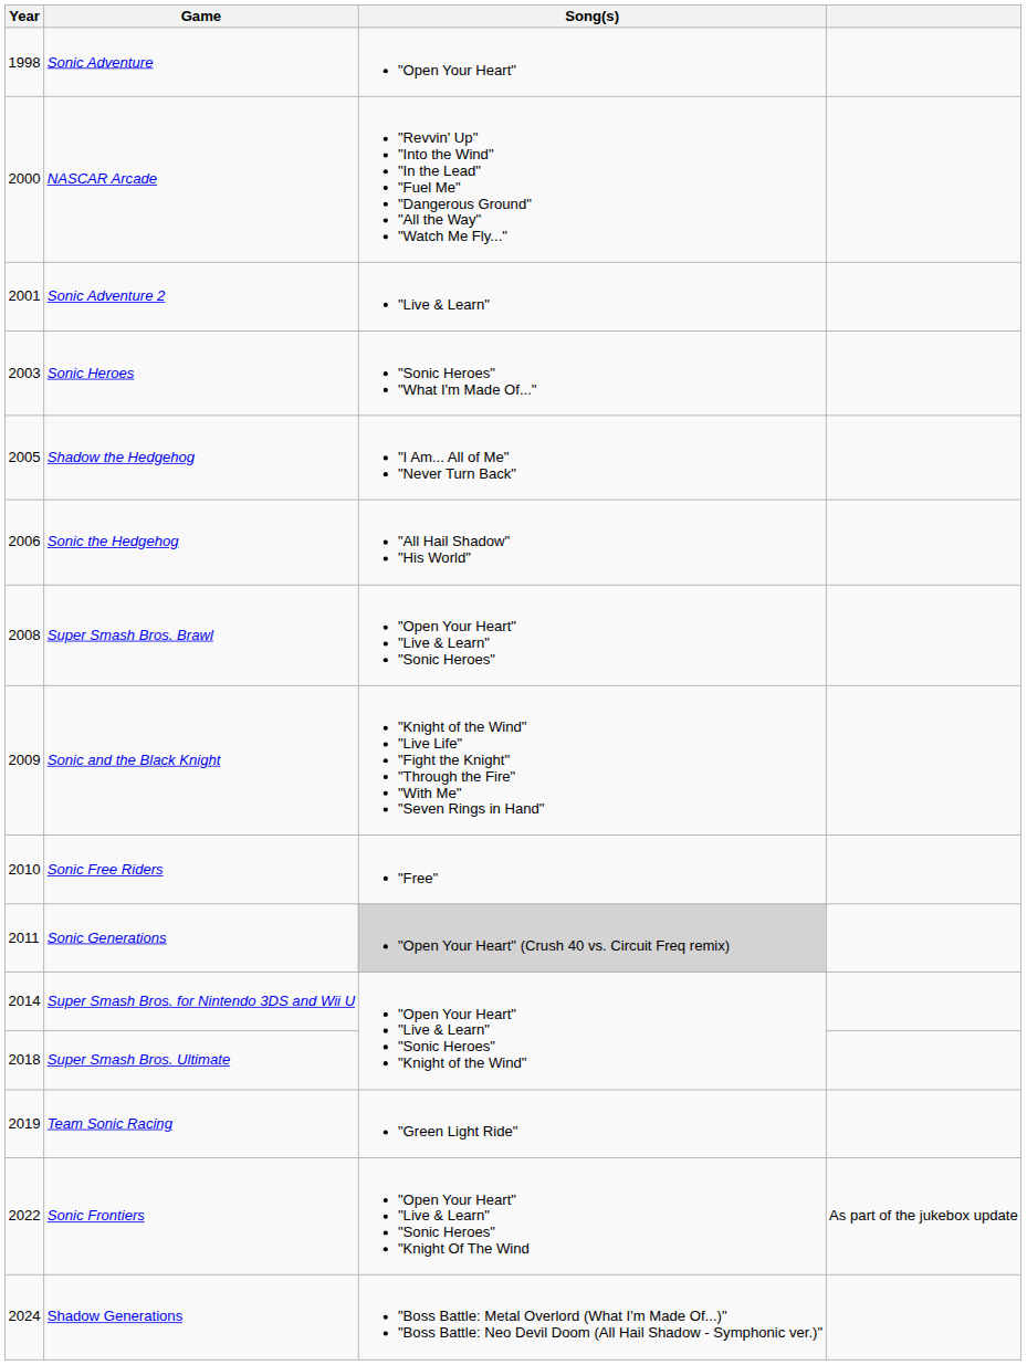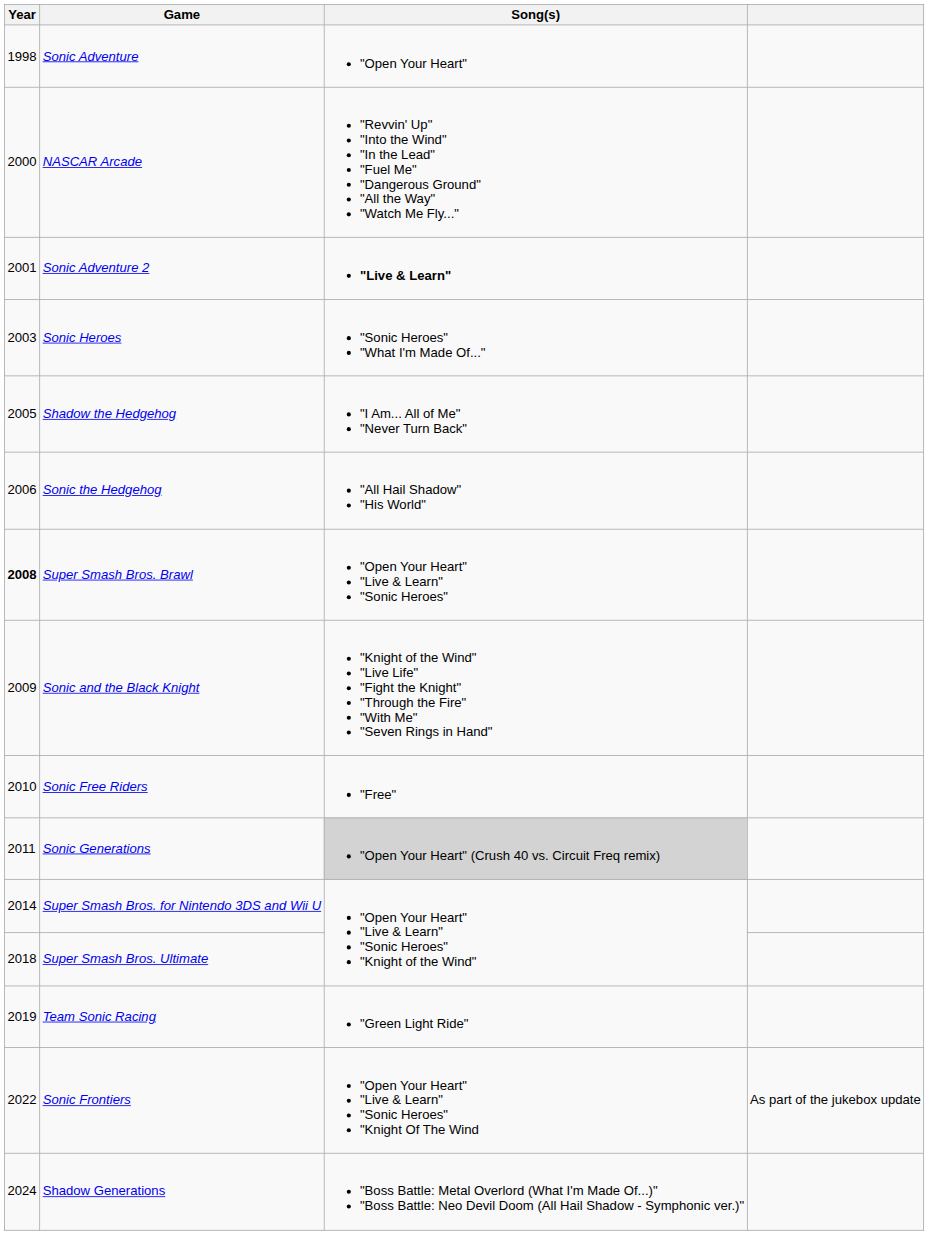 <table class="wikitable">
 <tr>
 <th>Year</th>
 <th>Game</th>
 <th>Song(s)</th>
 <th></th>
 </tr>
 <tr>
 <td>1998</td>
 <td><em><a href='#'>Sonic Adventure</a></em></td>
 <td><br><ul><li>"Open Your Heart"</li></ul></td>
 <td></td>
 </tr>
 <tr>
 <td>2000</td>
 <td><em><a href='#'>NASCAR Arcade</a></em></td>
 <td><br><ul><li>"Revvin' Up"</li><li>"Into the Wind"</li><li>"In the Lead"</li><li>"Fuel Me"</li><li>"Dangerous Ground"</li><li>"All the Way"</li><li>"Watch Me Fly..."</li></ul></td>
 <td></td>
 </tr>
 <tr>
 <td>2001</td>
 <td><em><a href='#'>Sonic Adventure 2</a></em></td>
-<td><br><ul><li>"Live & Learn"</li></ul></td>
+<td><strong><br><ul><li>"Live & Learn"</li></ul></strong></td>
 <td></td>
 </tr>
 <tr>
 <td>2003</td>
 <td><em><a href='#'>Sonic Heroes</a></em></td>
 <td><br><ul><li>"Sonic Heroes"</li><li>"What I'm Made Of..."</li></ul></td>
 <td></td>
 </tr>
 <tr>
 <td>2005</td>
 <td><a href='#'><em>Shadow the Hedgehog</em></a></td>
 <td><br><ul><li>"I Am... All of Me"</li><li>"Never Turn Back"</li></ul></td>
 <td></td>
 </tr>
 <tr>
 <td>2006</td>
 <td><a href='#'><em>Sonic the Hedgehog</em></a></td>
 <td><br><ul><li>"All Hail Shadow"</li><li>"His World"</li></ul></td>
 <td></td>
 </tr>
 <tr>
-<td>2008</td>
+<td><strong>2008</strong></td>
 <td><em><a href='#'>Super Smash Bros. Brawl</a></em></td>
 <td><br><ul><li>"Open Your Heart"</li><li>"Live & Learn"</li><li>"Sonic Heroes"</li></ul></td>
 <td></td>
 </tr>
 <tr>
 <td>2009</td>
 <td><em><a href='#'>Sonic and the Black Knight</a></em></td>
 <td><br><ul><li>"Knight of the Wind"</li><li>"Live Life"</li><li>"Fight the Knight"</li><li>"Through the Fire"</li><li>"With Me"</li><li>"Seven Rings in Hand"</li></ul></td>
 <td></td>
 </tr>
 <tr>
 <td>2010</td>
 <td><em><a href='#'>Sonic Free Riders</a></em></td>
 <td><br><ul><li>"Free"</li></ul></td>
 <td></td>
 </tr>
 <tr>
 <td>2011</td>
 <td><em><a href='#'>Sonic Generations</a></em></td>
 <td style="background: lightgrey;"><br><ul><li>"Open Your Heart" (Crush 40 vs. Circuit Freq remix)</li></ul></td>
 <td></td>
 </tr>
 <tr>
 <td>2014</td>
 <td><em><a href='#'>Super Smash Bros. for Nintendo 3DS and Wii U</a></em></td>
 <td rowspan="2"><br><ul><li>"Open Your Heart"</li><li>"Live & Learn"</li><li>"Sonic Heroes"</li><li>"Knight of the Wind"</li></ul></td>
 <td></td>
 </tr>
 <tr>
 <td>2018</td>
 <td><em><a href='#'>Super Smash Bros. Ultimate</a></em></td>
 <td></td>
 </tr>
 <tr>
 <td>2019</td>
 <td><em><a href='#'>Team Sonic Racing</a></em></td>
 <td><br><ul><li>"Green Light Ride"</li></ul></td>
 <td></td>
 </tr>
 <tr>
 <td>2022</td>
 <td><em> <a href='#'>Sonic Frontiers</a></td>
 <td><br><ul><li>"Open Your Heart"</li><li>"Live & Learn"</li><li>"Sonic Heroes"</li><li>"Knight Of The Wind</li></ul></td>
 <td>As part of the jukebox update</td>
 </tr>
 <tr>
 <td>2024</td>
 <td></em><a href='#'>Shadow Generations</a><em></td>
 <td><br><ul><li>"Boss Battle: Metal Overlord (What I'm Made Of...)"</li><li>"Boss Battle: Neo Devil Doom (All Hail Shadow - Symphonic ver.)"</li></ul></td>
 <td></td>
 </tr>
 </table>
